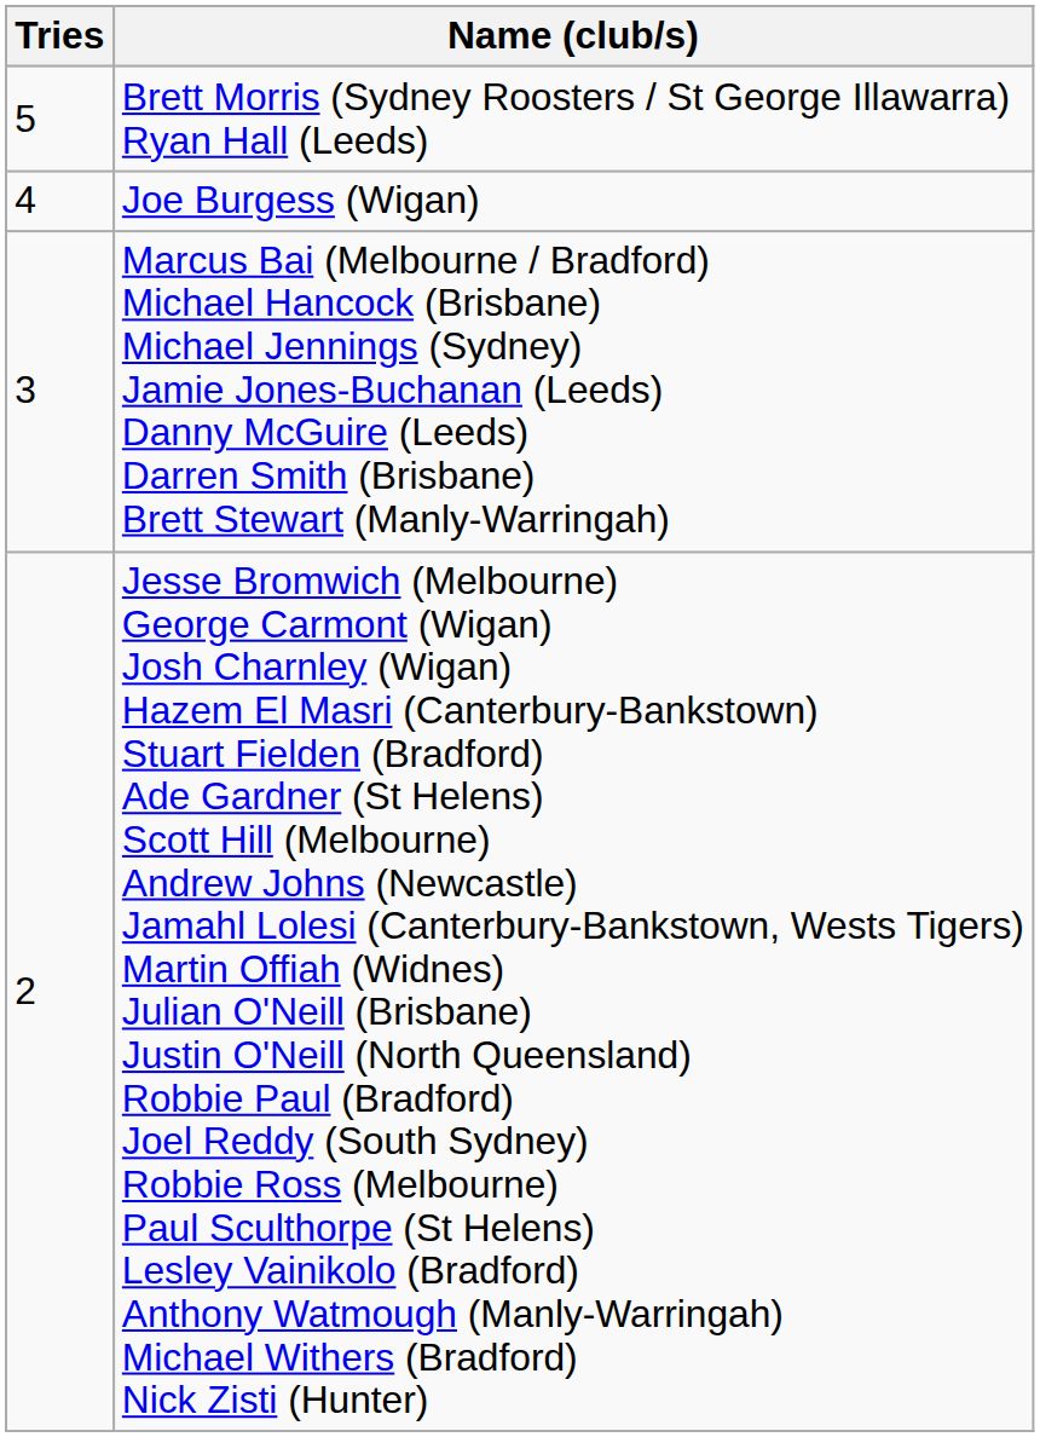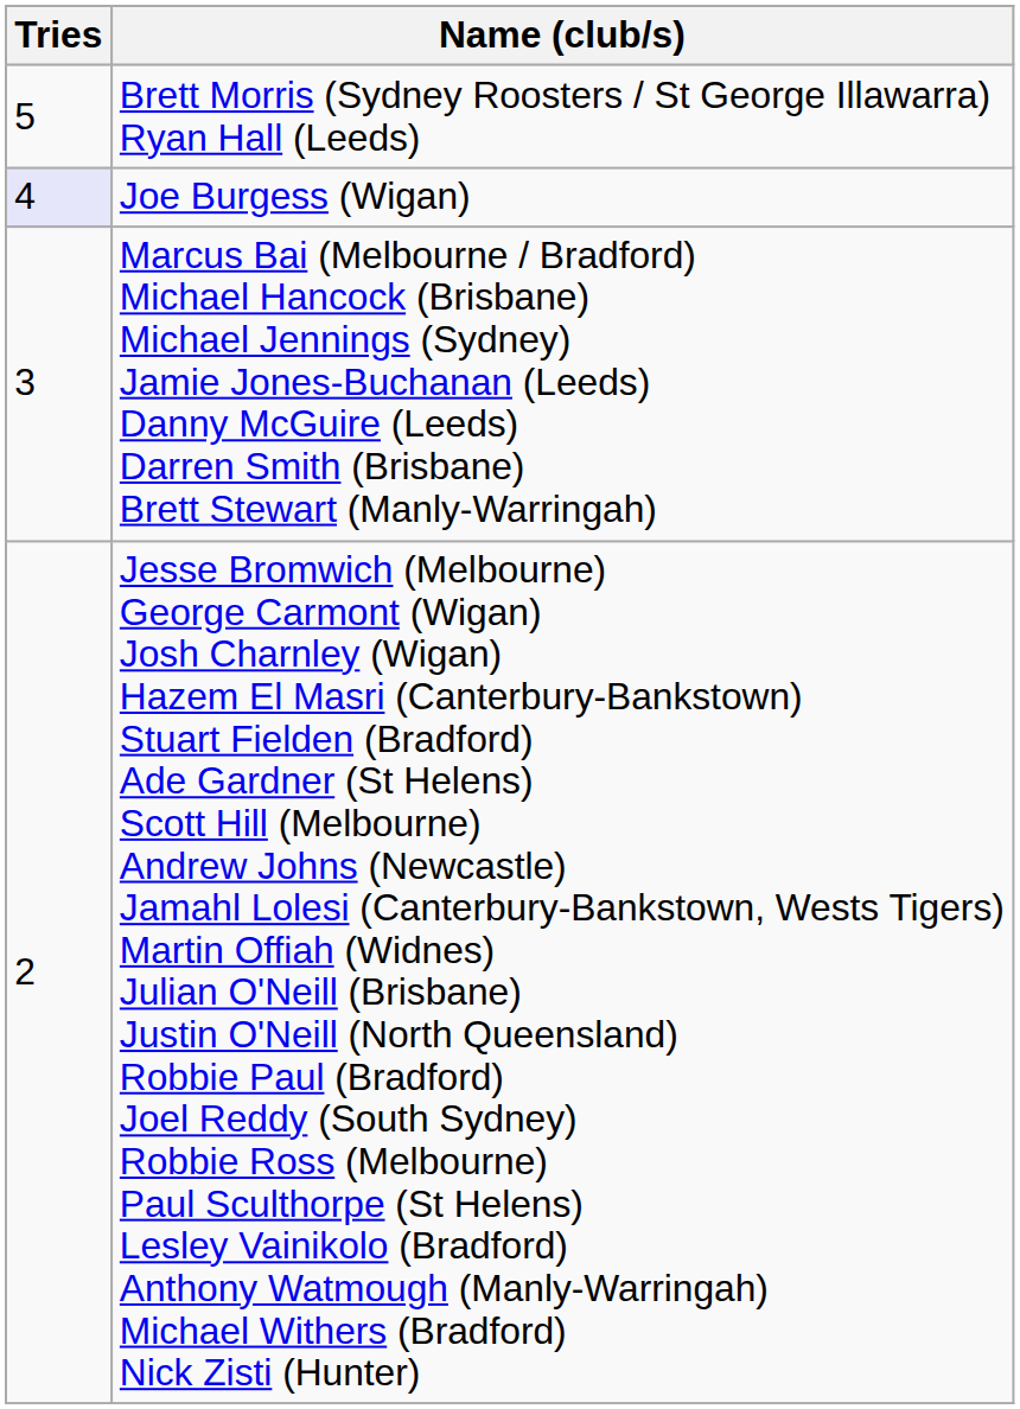 <table class="wikitable">
 <tr bgcolor=#bdb76b>
 <th>Tries</th>
 <th>Name (club/s)</th>
 </tr>
 <tr>
 <td>5</td>
 <td><a href='#'>Brett Morris</a> (Sydney Roosters / St George Illawarra)<br><a href='#'>Ryan Hall</a> (Leeds)</td>
 </tr>
 <tr>
-<td>4</td>
+<td style="background: lavender;">4</td>
 <td><a href='#'>Joe Burgess</a> (Wigan)</td>
 </tr>
 <tr>
 <td>3</td>
 <td><a href='#'>Marcus Bai</a> (Melbourne / Bradford) <br> <a href='#'>Michael Hancock</a> (Brisbane) <br>  <a href='#'>Michael Jennings</a> (Sydney) <br><a href='#'>Jamie Jones-Buchanan</a> (Leeds) <br> <a href='#'>Danny McGuire</a> (Leeds) <br> <a href='#'>Darren Smith</a> (Brisbane) <br> <a href='#'>Brett Stewart</a> (Manly-Warringah)</td>
 </tr>
 <tr>
 <td>2</td>
 <td><a href='#'>Jesse Bromwich</a> (Melbourne) <br> <a href='#'>George Carmont</a> (Wigan) <br> <a href='#'>Josh Charnley</a> (Wigan) <br> <a href='#'>Hazem El Masri</a> (Canterbury-Bankstown) <br> <a href='#'>Stuart Fielden</a> (Bradford) <br> <a href='#'>Ade Gardner</a> (St Helens) <br> <a href='#'>Scott Hill</a> (Melbourne) <br> <a href='#'>Andrew Johns</a> (Newcastle) <br> <a href='#'>Jamahl Lolesi</a> (Canterbury-Bankstown, Wests Tigers) <br> <a href='#'>Martin Offiah</a> (Widnes) <br> <a href='#'>Julian O'Neill</a> (Brisbane) <br> <a href='#'>Justin O'Neill</a> (North Queensland) <br> <a href='#'>Robbie Paul</a> (Bradford)  <br> <a href='#'>Joel Reddy</a> (South Sydney) <br> <a href='#'>Robbie Ross</a> (Melbourne) <br> <a href='#'>Paul Sculthorpe</a> (St Helens) <br>  <a href='#'>Lesley Vainikolo</a> (Bradford) <br> <a href='#'>Anthony Watmough</a> (Manly-Warringah) <br> <a href='#'>Michael Withers</a> (Bradford) <br> <a href='#'>Nick Zisti</a> (Hunter)</td>
 </tr>
 </table>
